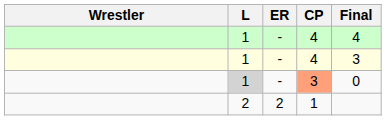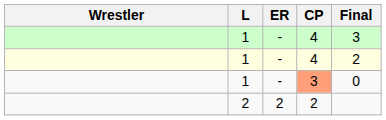 <table class="wikitable" style="text-align: center;" |>
 <tr>
 <th width="250">Wrestler</th>
 <th width="32">L</th>
 <th width="32">ER</th>
 <th width="32">CP</th>
 <th width="50">Final</th>
 </tr>
 <tr bgcolor="ccffcc">
 <td style="text-align:left;"></td>
 <td>1</td>
 <td>-</td>
 <td>4</td>
-<td>4</td>
+<td>3</td>
 </tr>
 <tr bgcolor="lightyellow">
 <td style="text-align:left;"></td>
 <td>1</td>
 <td>-</td>
 <td>4</td>
-<td>3</td>
+<td>2</td>
 </tr>
 <tr>
 <td style="text-align:left;"></td>
-<td style="background: lightgrey;">1</td>
+<td>1</td>
 <td>-</td>
 <td style="background: lightsalmon;">3</td>
 <td>0</td>
 </tr>
 <tr>
 <td style="text-align:left;"></td>
 <td>2</td>
 <td>2</td>
-<td>1</td>
+<td>2</td>
 </tr>
 </table>
